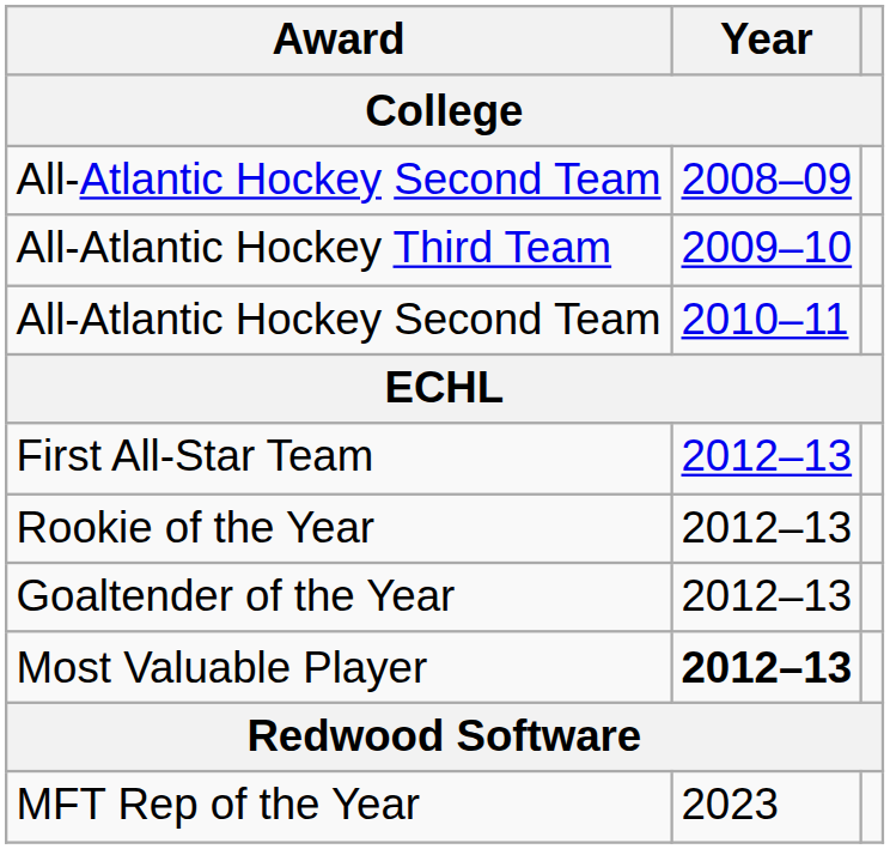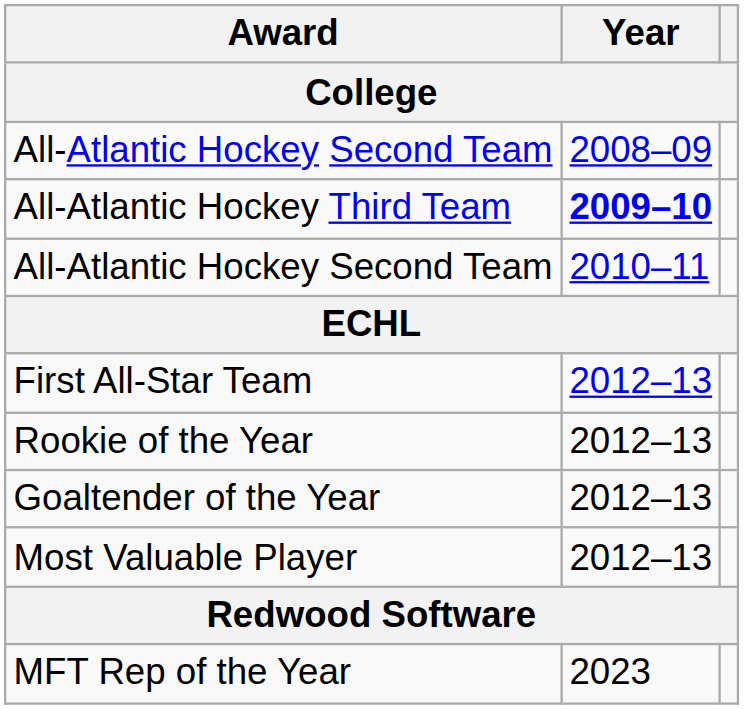 <table class=wikitable style="text-align:left;">
 <tr>
 <th>Award</th>
 <th>Year</th>
 <th></th>
 </tr>
 <tr>
 <th colspan="3">College</th>
 </tr>
 <tr>
 <td>All-<a href='#'>Atlantic Hockey</a> <a href='#'>Second Team</a></td>
 <td><a href='#'>2008–09</a></td>
 <td></td>
 </tr>
 <tr>
 <td>All-Atlantic Hockey <a href='#'>Third Team</a></td>
-<td><a href='#'>2009–10</a></td>
+<td><strong><a href='#'>2009–10</a></strong></td>
 <td></td>
 </tr>
 <tr>
 <td>All-Atlantic Hockey Second Team</td>
 <td><a href='#'>2010–11</a></td>
 <td></td>
 </tr>
 <tr>
 <th colspan="3">ECHL</th>
 </tr>
 <tr>
 <td>First All-Star Team</td>
 <td><a href='#'>2012–13</a></td>
 <td></td>
 </tr>
 <tr>
 <td>Rookie of the Year</td>
 <td>2012–13</td>
 <td></td>
 </tr>
 <tr>
 <td>Goaltender of the Year</td>
 <td>2012–13</td>
 <td></td>
 </tr>
 <tr>
 <td>Most Valuable Player</td>
-<td><strong>2012–13</strong></td>
+<td>2012–13</td>
 <td></td>
 </tr>
 <tr>
 <th colspan="3"><strong>Redwood Software</strong></th>
 </tr>
 <tr>
 <td>MFT Rep of the Year</td>
 <td>2023</td>
 <td></td>
 </tr>
 </table>
